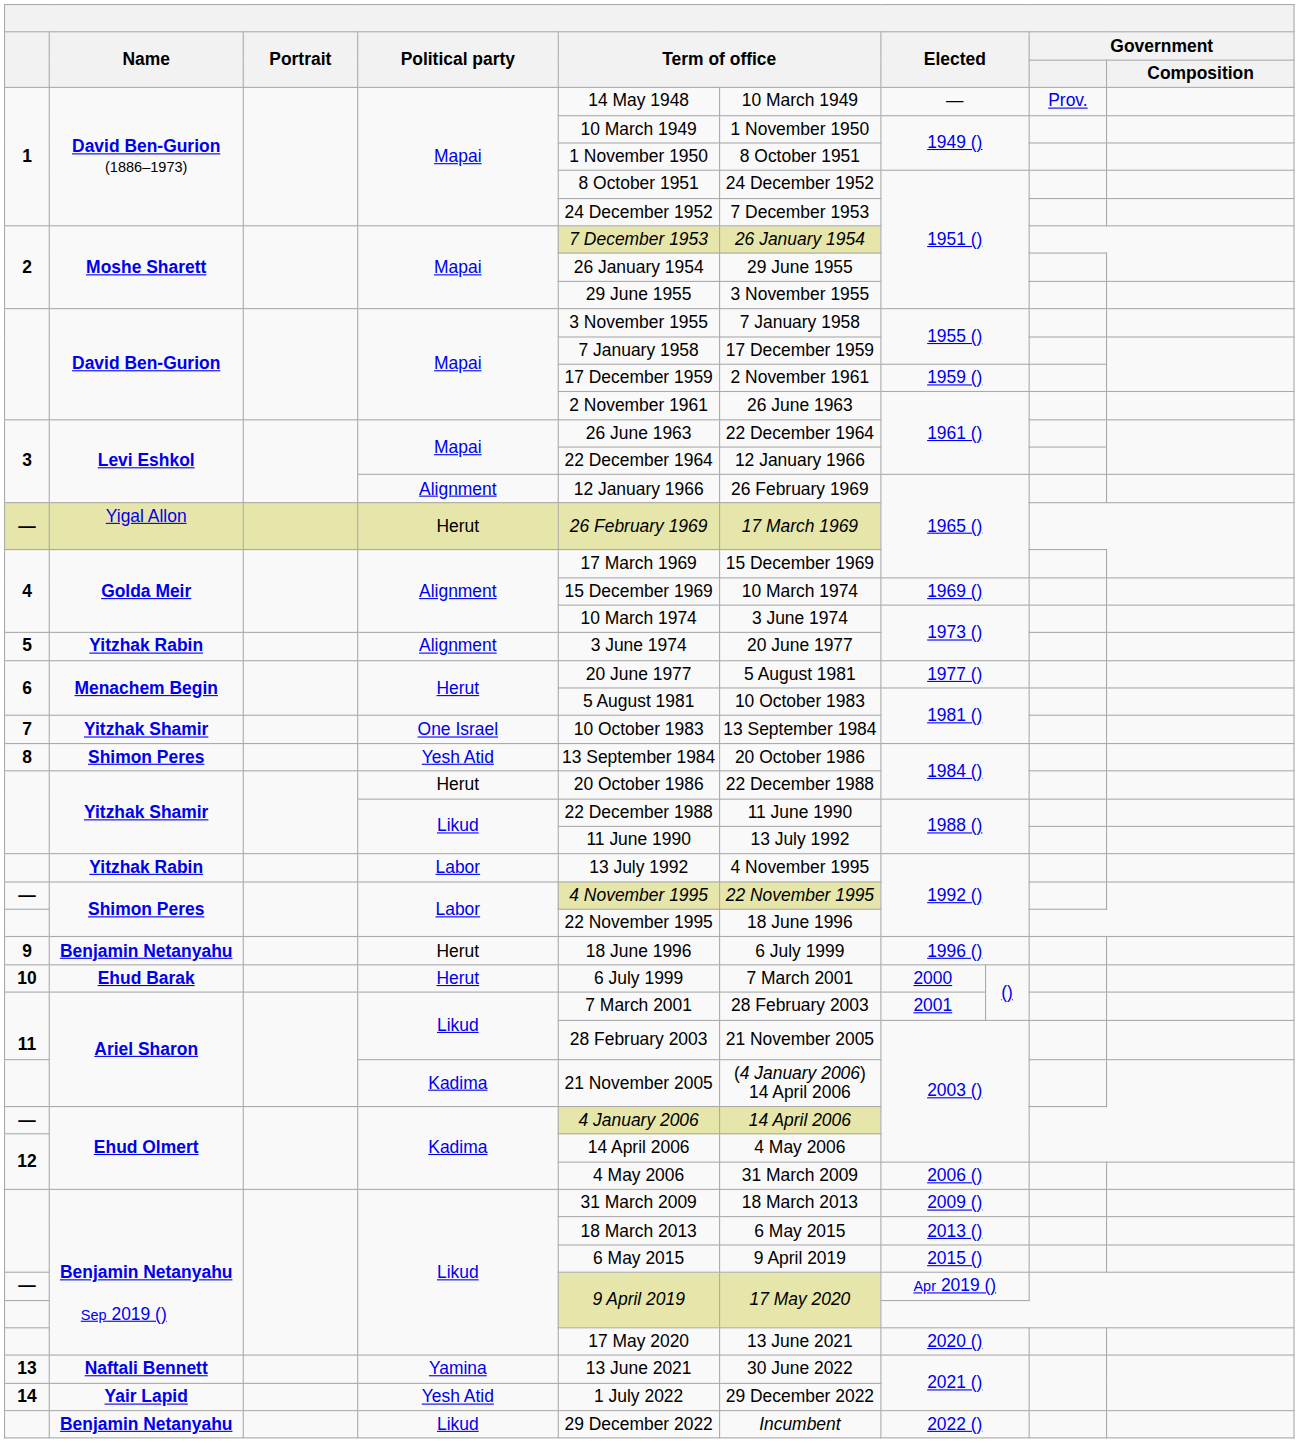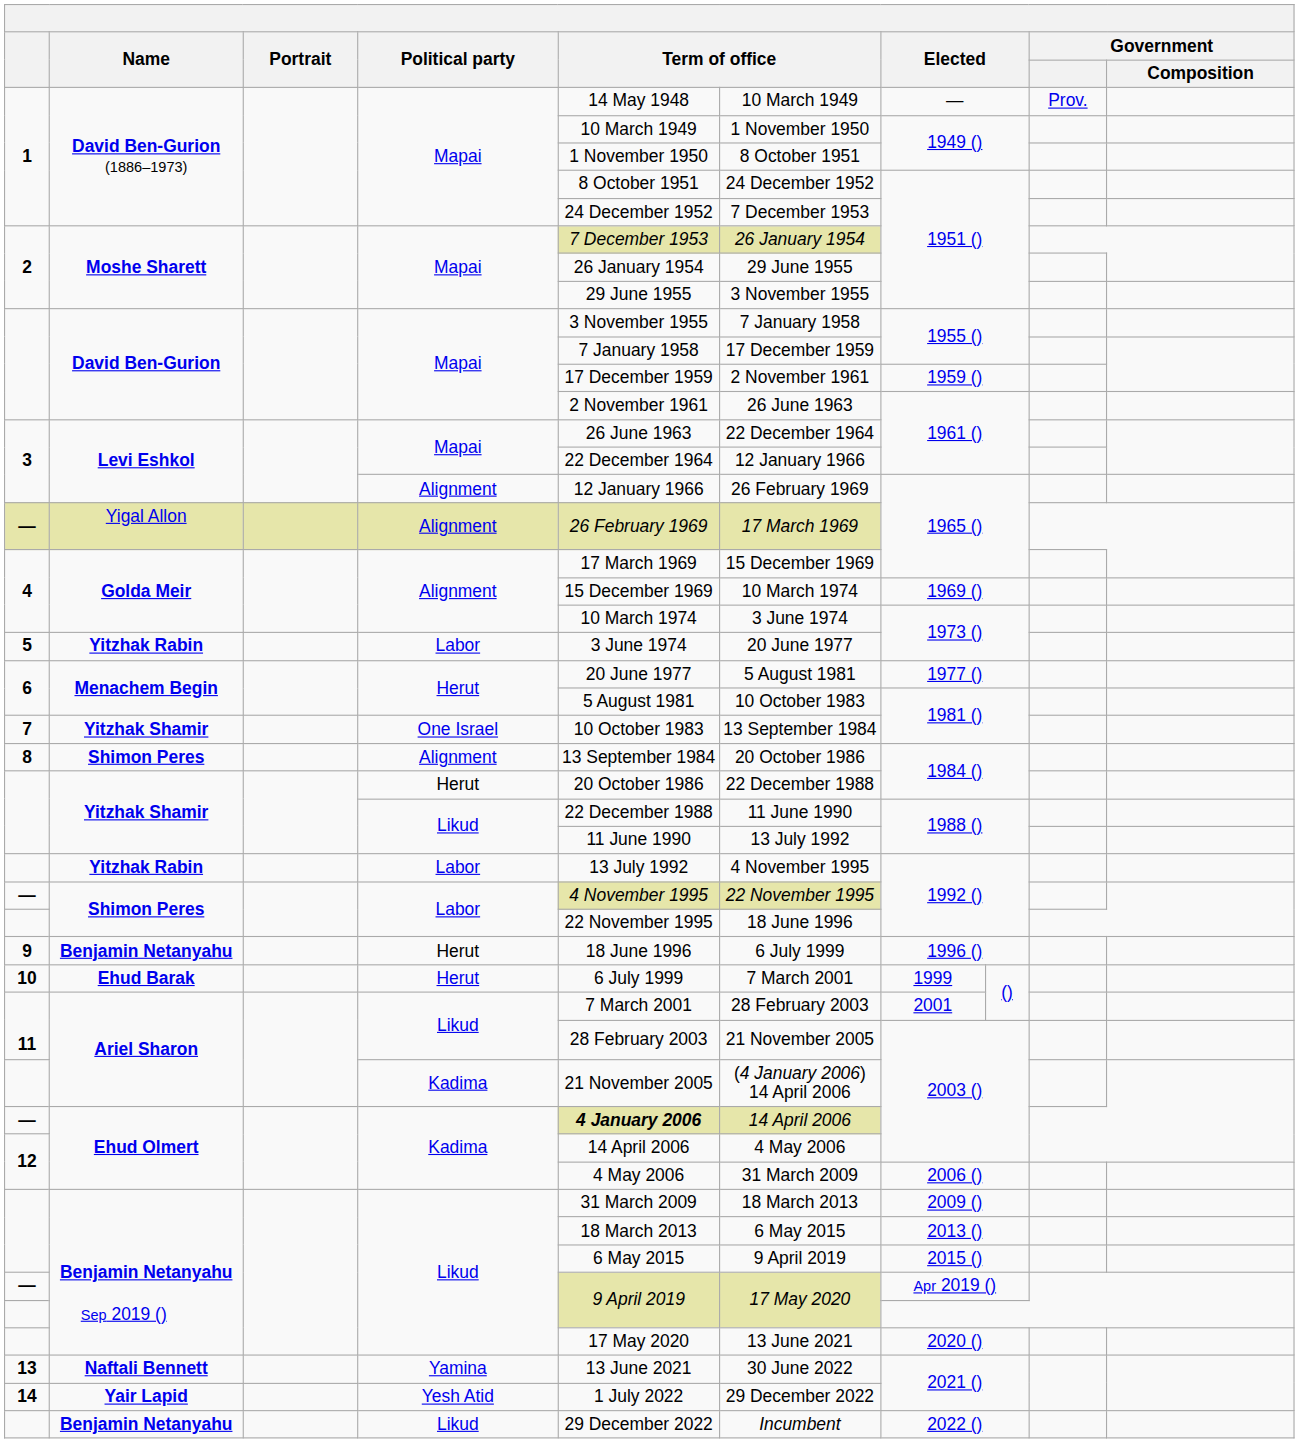 <table class="wikitable" style="text-align:center">
 <tr>
 <th colspan=10> </th>
 </tr>
 <tr>
 <th rowspan=2></th>
 <th width=15% rowspan=2>Name<br></th>
 <th rowspan=2>Portrait</th>
 <th rowspan=2>Political party</th>
 <th width=25% rowspan=2 colspan=2>Term of office</th>
 <th rowspan=2 colspan=2>Elected<br></th>
 <th colspan=2>Government</th>
 </tr>
 <tr>
 <th></th>
 <th>Composition</th>
 </tr>
 <tr>
 <td rowspan=5 style="background:"><strong>1</strong></td>
 <td rowspan=5><strong><a href='#'>David Ben-Gurion</a></strong><br><small>(1886–1973)</small></td>
 <td rowspan=5></td>
 <td rowspan=5><a href='#'>Mapai</a></td>
 <td>14 May 1948</td>
 <td>10 March 1949</td>
 <td colspan=2>—</td>
 <td><a href='#'>Prov.</a></td>
 <td></td>
 </tr>
 <tr>
 <td>10 March 1949</td>
 <td>1 November 1950</td>
 <td rowspan=2 colspan=2><a href='#'>1949 ()</a></td>
 <td><a href='#'></a></td>
 <td></td>
 </tr>
 <tr>
 <td>1 November 1950</td>
 <td>8 October 1951</td>
 <td><a href='#'></a></td>
 </tr>
 <tr>
 <td>8 October 1951</td>
 <td>24 December 1952</td>
 <td rowspan=5 colspan=2><a href='#'>1951 ()</a></td>
 <td><a href='#'></a></td>
 <td></td>
 </tr>
 <tr>
 <td>24 December 1952</td>
 <td>7 December 1953</td>
 <td><a href='#'></a></td>
 <td></td>
 </tr>
 <tr>
 <td rowspan=3 style="background:"><strong>2</strong></td>
 <td rowspan=3><strong><a href='#'>Moshe Sharett</a></strong><br></td>
 <td rowspan=3></td>
 <td rowspan=3><a href='#'>Mapai</a></td>
 <td style="background:#E6E6AA"><em>7 December 1953</em></td>
 <td style="background:#E6E6AA"><em>26 January 1954</em></td>
 </tr>
 <tr>
 <td>26 January 1954</td>
 <td>29 June 1955</td>
 <td><a href='#'></a></td>
 </tr>
 <tr>
 <td>29 June 1955</td>
 <td>3 November 1955</td>
 <td><a href='#'></a></td>
 <td></td>
 </tr>
 <tr>
 <td rowspan=4 style="background:"></td>
 <td rowspan=4><strong><a href='#'>David Ben-Gurion</a></strong><br></td>
 <td rowspan=4></td>
 <td rowspan=4><a href='#'>Mapai</a></td>
 <td>3 November 1955</td>
 <td>7 January 1958</td>
 <td rowspan=2 colspan=2><a href='#'>1955 ()</a></td>
 <td><a href='#'></a></td>
 <td></td>
 </tr>
 <tr>
 <td>7 January 1958</td>
 <td>17 December 1959</td>
 <td><a href='#'></a></td>
 </tr>
 <tr>
 <td>17 December 1959</td>
 <td>2 November 1961</td>
 <td colspan=2><a href='#'>1959 ()</a></td>
 <td><a href='#'></a></td>
 </tr>
 <tr>
 <td>2 November 1961</td>
 <td>26 June 1963</td>
 <td rowspan=3 colspan=2><a href='#'>1961 ()</a></td>
 <td><a href='#'></a></td>
 <td></td>
 </tr>
 <tr>
 <td rowspan=3 style="background:"><strong>3</strong></td>
 <td rowspan=3><strong><a href='#'>Levi Eshkol</a></strong><br></td>
 <td rowspan=3></td>
 <td rowspan=2><a href='#'>Mapai</a></td>
 <td>26 June 1963</td>
 <td>22 December 1964</td>
 <td><a href='#'></a></td>
 </tr>
 <tr>
 <td>22 December 1964</td>
 <td>12 January 1966</td>
 <td><a href='#'></a></td>
 </tr>
 <tr>
 <td nowrap><a href='#'>Alignment</a><br></td>
 <td>12 January 1966</td>
 <td>26 February 1969</td>
 <td rowspan=3 colspan=2><a href='#'>1965 ()</a></td>
 <td><a href='#'></a></td>
 <td></td>
 </tr>
 <tr style="background:#E6E6AA">
 <td style="background:"><strong>—</strong></td>
 <td><a href='#'>Yigal Allon</a><br><br></td>
 <td></td>
-<td>Herut<br></td>
+<td><a href='#'>Alignment</a><br></td>
 <td><em>26 February 1969</em></td>
 <td><em>17 March 1969</em></td>
 </tr>
 <tr>
 <td rowspan=3 style="background:"><strong>4</strong></td>
 <td rowspan=3><strong><a href='#'>Golda Meir</a></strong><br></td>
 <td rowspan=3></td>
 <td rowspan=3><a href='#'>Alignment</a><br></td>
 <td>17 March 1969</td>
 <td>15 December 1969</td>
 <td><a href='#'></a></td>
 </tr>
 <tr>
 <td>15 December 1969</td>
 <td>10 March 1974</td>
 <td colspan=2><a href='#'>1969 ()</a></td>
 <td><a href='#'></a></td>
 <td></td>
 </tr>
 <tr>
 <td>10 March 1974</td>
 <td>3 June 1974</td>
 <td rowspan=2 colspan=2><a href='#'>1973 ()</a></td>
 <td><a href='#'></a></td>
 <td></td>
 </tr>
 <tr>
 <td style="background:"><strong>5</strong></td>
 <td><strong><a href='#'>Yitzhak Rabin</a></strong><br></td>
 <td></td>
-<td><a href='#'>Alignment</a><br></td>
+<td><a href='#'>Labor</a></td>
 <td>3 June 1974</td>
 <td>20 June 1977</td>
 <td><a href='#'></a></td>
 <td></td>
 </tr>
 <tr>
 <td rowspan=2 style="background:"><strong>6</strong></td>
 <td rowspan=2><strong><a href='#'>Menachem Begin</a></strong><br></td>
 <td rowspan=2></td>
 <td rowspan=2><a href='#'>Herut</a><br></td>
 <td>20 June 1977</td>
 <td>5 August 1981</td>
 <td colspan=2><a href='#'>1977 ()</a></td>
 <td><a href='#'></a></td>
 <td></td>
 </tr>
 <tr>
 <td>5 August 1981</td>
 <td>10 October 1983</td>
 <td rowspan=2 colspan=2><a href='#'>1981 ()</a></td>
 <td><a href='#'></a></td>
 <td></td>
 </tr>
 <tr>
 <td style="background:"><strong>7</strong></td>
 <td><strong><a href='#'>Yitzhak Shamir</a></strong><br></td>
 <td></td>
 <td nowrap><a href='#'>One Israel</a><br></td>
 <td>10 October 1983</td>
 <td>13 September 1984</td>
 <td><a href='#'></a></td>
 </tr>
 <tr>
 <td style="background:"><strong>8</strong></td>
 <td><strong><a href='#'>Shimon Peres</a></strong><br></td>
 <td></td>
-<td><a href='#'>Yesh Atid</a></td>
+<td><a href='#'>Alignment</a><br></td>
 <td>13 September 1984</td>
 <td>20 October 1986</td>
 <td rowspan=2 colspan=2><a href='#'>1984 ()</a></td>
 <td><a href='#'></a></td>
 <td></td>
 </tr>
 <tr>
 <td rowspan=3 style="background:"></td>
 <td rowspan=3><strong><a href='#'>Yitzhak Shamir</a></strong><br></td>
 <td rowspan=3></td>
 <td>Herut<br></td>
 <td>20 October 1986</td>
 <td>22 December 1988</td>
 <td><a href='#'></a></td>
 </tr>
 <tr>
 <td rowspan=2><a href='#'>Likud</a></td>
 <td>22 December 1988</td>
 <td>11 June 1990</td>
 <td colspan=2 rowspan=2><a href='#'>1988 ()</a></td>
 <td><a href='#'></a></td>
 <td></td>
 </tr>
 <tr>
 <td>11 June 1990</td>
 <td>13 July 1992</td>
 <td><a href='#'></a></td>
 <td></td>
 </tr>
 <tr>
 <td style="background:"></td>
 <td><strong><a href='#'>Yitzhak Rabin</a></strong><br></td>
 <td></td>
 <td><a href='#'>Labor</a></td>
 <td>13 July 1992</td>
 <td>4 November 1995</td>
 <td rowspan=3 colspan=2><a href='#'>1992 ()</a></td>
 <td><a href='#'></a></td>
 <td></td>
 </tr>
 <tr>
 <td style="background:"><strong>—</strong></td>
 <td rowspan=2><strong><a href='#'>Shimon Peres</a></strong><br></td>
 <td rowspan=2></td>
 <td rowspan=2><a href='#'>Labor</a></td>
 <td style="background:#E6E6AA"><em>4 November 1995</em></td>
 <td style="background:#E6E6AA"><em>22 November 1995</em></td>
 <td><a href='#'></a></td>
 </tr>
 <tr>
 <td style="background:"></td>
 <td>22 November 1995</td>
 <td>18 June 1996</td>
 </tr>
 <tr>
 <td style="background:"><strong>9</strong></td>
 <td><strong><a href='#'>Benjamin Netanyahu</a></strong><br></td>
 <td></td>
 <td>Herut<br></td>
 <td>18 June 1996</td>
 <td>6 July 1999</td>
 <td colspan=2><a href='#'>1996 ()</a></td>
 <td><a href='#'></a></td>
 <td></td>
 </tr>
 <tr>
 <td style="background-color:"><strong>10</strong></td>
 <td><strong><a href='#'>Ehud Barak</a></strong><br></td>
 <td></td>
 <td><a href='#'>Herut</a><br></td>
 <td>6 July 1999</td>
 <td>7 March 2001</td>
-<td><a href='#'>2000</a></td>
+<td><a href='#'>1999</a></td>
 <td rowspan=2><a href='#'>()</a></td>
 <td><a href='#'></a></td>
 <td></td>
 </tr>
 <tr>
 <td rowspan="2" style="background-color:"><br><br><strong>11</strong></td>
 <td rowspan=3><strong><a href='#'>Ariel Sharon</a></strong><br></td>
 <td rowspan=3></td>
 <td rowspan=2><a href='#'>Likud</a></td>
 <td>7 March 2001</td>
 <td>28 February 2003</td>
 <td><a href='#'>2001</a></td>
 <td><a href='#'></a></td>
 <td></td>
 </tr>
 <tr>
 <td>28 February 2003</td>
 <td>21 November 2005</td>
 <td rowspan=4 colspan=2><a href='#'>2003 ()</a></td>
 <td><a href='#'></a></td>
 <td></td>
 </tr>
 <tr>
 <td style="background-color:"></td>
 <td><a href='#'>Kadima</a></td>
 <td>21 November 2005</td>
 <td>(<em>4 January 2006</em>)<br>14 April 2006</td>
 <td></td>
 </tr>
 <tr>
 <td style="background:"><strong>—</strong></td>
 <td rowspan=3><strong><a href='#'>Ehud Olmert</a></strong><br></td>
 <td rowspan=3></td>
 <td rowspan=3><a href='#'>Kadima</a></td>
-<td style="background:#E6E6AA"><em>4 January 2006</em></td>
+<td style="background:#E6E6AA"><strong><em>4 January 2006</em></strong></td>
 <td style="background:#E6E6AA"><em>14 April 2006</em></td>
 </tr>
 <tr>
 <td rowspan=2 style="background:"><strong>12</strong></td>
 <td>14 April 2006</td>
 <td>4 May 2006</td>
 </tr>
 <tr>
 <td>4 May 2006</td>
 <td>31 March 2009</td>
 <td colspan=2><a href='#'>2006 ()</a></td>
 <td><a href='#'></a></td>
 <td></td>
 </tr>
 <tr>
 <td rowspan=3 style="background:"></td>
 <td rowspan=6><strong><a href='#'>Benjamin Netanyahu</a></strong><br></td>
 <td rowspan=6></td>
 <td rowspan=6><a href='#'>Likud </a></td>
 <td>31 March 2009</td>
 <td>18 March 2013</td>
 <td colspan=2><a href='#'>2009 ()</a></td>
 <td><a href='#'></a></td>
 <td></td>
 </tr>
 <tr>
 <td>18 March 2013</td>
 <td>6 May 2015</td>
 <td colspan=2><a href='#'>2013 ()</a></td>
 <td><a href='#'></a></td>
 <td></td>
 </tr>
 <tr>
 <td>6 May 2015</td>
 <td>9 April 2019</td>
 <td colspan=2><a href='#'>2015 ()</a></td>
 <td><a href='#'></a></td>
 <td></td>
 </tr>
 <tr>
 <td style="background:"><strong>—</strong></td>
 <td rowspan=2 style="background:#E6E6AA"><em>9 April 2019</em></td>
 <td rowspan=2 style="background:#E6E6AA"><em>17 May 2020</em></td>
 <td colspan=2><a href='#'><small>Apr</small> 2019 ()</a></td>
 </tr>
 <tr>
 <td colspan=2><a href='#'><small>Sep</small> 2019 ()</a></td>
 </tr>
 <tr>
 <td style="background:"></td>
 <td>17 May 2020</td>
 <td>13 June 2021</td>
 <td colspan=2><a href='#'>2020 ()</a></td>
 <td><a href='#'></a></td>
 <td></td>
 </tr>
 <tr>
 <td style="background:"><strong>13</strong></td>
 <td><strong><a href='#'>Naftali Bennett</a></strong><br></td>
 <td></td>
 <td><a href='#'>Yamina</a></td>
 <td>13 June 2021</td>
 <td>30 June 2022</td>
 <td rowspan=2 colspan=2><a href='#'>2021 ()</a></td>
 <td rowspan=2 ><a href='#'></a></td>
 <td rowspan=2 ></td>
 </tr>
 <tr>
 <td style="background:"><strong>14</strong></td>
 <td><strong><a href='#'>Yair Lapid</a></strong><br></td>
 <td></td>
 <td><a href='#'>Yesh Atid</a></td>
 <td>1 July 2022</td>
 <td>29 December 2022</td>
 </tr>
 <tr>
 <td style="background:"></td>
 <td><strong><a href='#'>Benjamin Netanyahu</a></strong><br></td>
 <td></td>
 <td><a href='#'>Likud</a></td>
 <td>29 December 2022</td>
 <td><em>Incumbent</em></td>
 <td colspan=2><a href='#'>2022 ()</a></td>
 <td><a href='#'></a></td>
 <td></td>
 </tr>
 </table>
